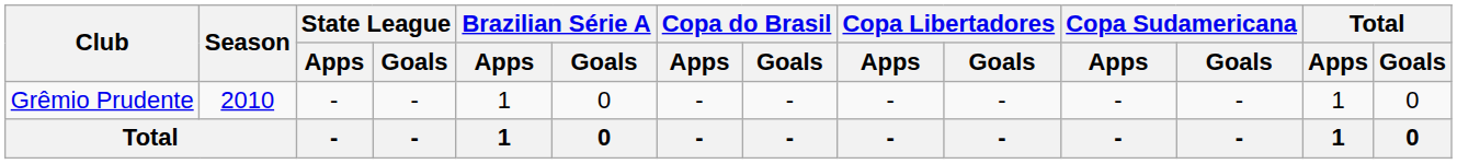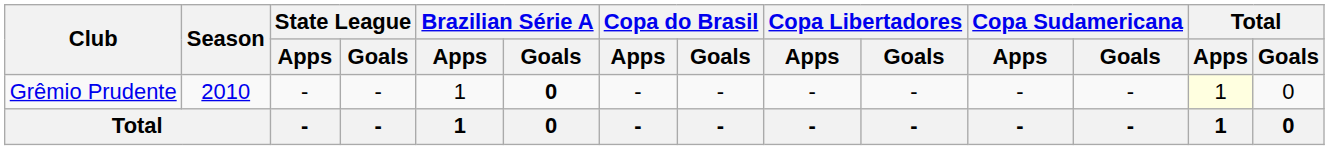 <table class="wikitable" style="text-align: center;">
 <tr>
 <th rowspan="2">Club</th>
 <th rowspan="2">Season</th>
 <th colspan="2">State League</th>
 <th colspan="2"><a href='#'>Brazilian Série A</a></th>
 <th colspan="2"><a href='#'>Copa do Brasil</a></th>
 <th colspan="2"><a href='#'>Copa Libertadores</a></th>
 <th colspan="2"><a href='#'>Copa Sudamericana</a></th>
 <th colspan="2">Total</th>
 </tr>
 <tr>
 <th>Apps</th>
 <th>Goals</th>
 <th>Apps</th>
 <th>Goals</th>
 <th>Apps</th>
 <th>Goals</th>
 <th>Apps</th>
 <th>Goals</th>
 <th>Apps</th>
 <th>Goals</th>
 <th>Apps</th>
 <th>Goals</th>
 </tr>
 <tr>
 <td rowspan="1" valign="center"><a href='#'>Grêmio Prudente</a></td>
 <td><a href='#'>2010</a></td>
 <td>-</td>
 <td>-</td>
 <td>1</td>
-<td>0</td>
+<td><strong>0</strong></td>
 <td>-</td>
 <td>-</td>
 <td>-</td>
 <td>-</td>
 <td>-</td>
 <td>-</td>
-<td>1</td>
+<td style="background: lightyellow;">1</td>
 <td>0</td>
 </tr>
 <tr>
 <th colspan="2"><strong>Total</strong></th>
 <th>-</th>
 <th>-</th>
 <th>1</th>
 <th>0</th>
 <th>-</th>
 <th>-</th>
 <th>-</th>
 <th>-</th>
 <th>-</th>
 <th>-</th>
 <th>1</th>
 <th>0</th>
 </tr>
 </table>
